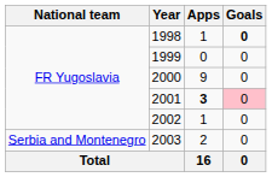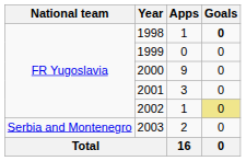 <table class="wikitable" style="text-align:center">
 <tr>
 <th>National team</th>
 <th>Year</th>
 <th>Apps</th>
 <th>Goals</th>
 </tr>
 <tr>
 <td rowspan="5" style="vertical-align:center"><a href='#'>FR Yugoslavia</a></td>
 <td>1998</td>
 <td>1</td>
 <td><strong>0</strong></td>
 </tr>
 <tr>
 <td>1999</td>
 <td>0</td>
 <td>0</td>
 </tr>
 <tr>
 <td>2000</td>
 <td>9</td>
 <td>0</td>
 </tr>
 <tr>
 <td>2001</td>
-<td><strong>3</strong></td>
-<td style="background: pink;">0</td>
+<td>3</td>
+<td>0</td>
 </tr>
 <tr>
 <td>2002</td>
 <td>1</td>
-<td>0</td>
+<td style="background: khaki;">0</td>
 </tr>
 <tr>
 <td rowspan="1" style="vertical-align:center"><a href='#'>Serbia and Montenegro</a></td>
 <td>2003</td>
 <td>2</td>
 <td>0</td>
 </tr>
 <tr>
 <th colspan="2">Total</th>
 <th>16</th>
 <th>0</th>
 </tr>
 </table>
